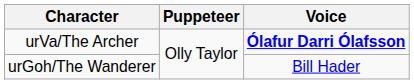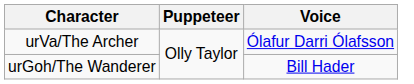 <table class="wikitable sortable" style="text-align:center">
 <tr>
 <th scope="col">Character</th>
 <th scope="col">Puppeteer</th>
 <th scope="col">Voice</th>
 </tr>
 <tr>
 <td>urVa/The Archer</td>
 <td rowspan="2">Olly Taylor</td>
-<td><strong><a href='#'>Ólafur Darri Ólafsson</a></strong></td>
+<td><a href='#'>Ólafur Darri Ólafsson</a></td>
 </tr>
 <tr>
 <td>urGoh/The Wanderer</td>
 <td><a href='#'>Bill Hader</a></td>
 </tr>
 </table>
